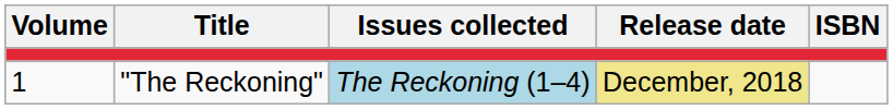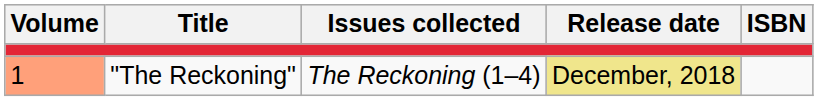 <table class="wikitable">
 <tr>
 <th>Volume</th>
 <th>Title</th>
 <th>Issues collected</th>
 <th>Release date</th>
 <th>ISBN</th>
 </tr>
 <tr>
 <td colspan="6" style="background:#e32636;"></td>
 </tr>
 <tr>
-<td>1</td>
+<td style="background: lightsalmon;">1</td>
 <td>"The Reckoning"</td>
-<td style="background: lightblue;"><em>The Reckoning</em> (1–4)</td>
+<td><em>The Reckoning</em> (1–4)</td>
 <td style="background: khaki;">December, 2018</td>
 <td></td>
 </tr>
 </table>
